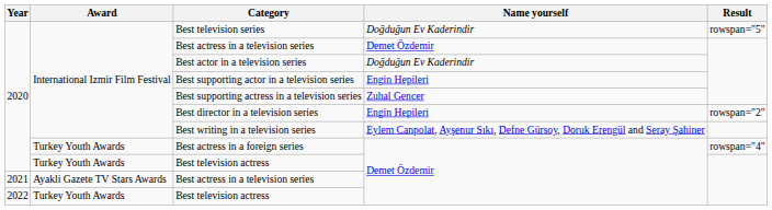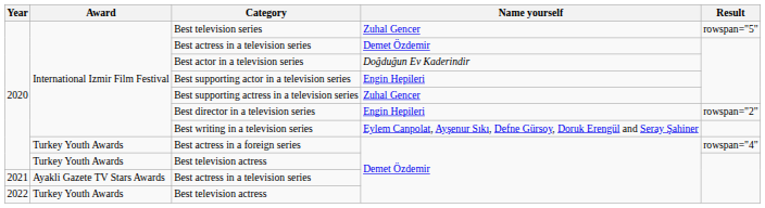 <table class="wikitable">
 <tr>
 <th>Year</th>
 <th>Award</th>
 <th>Category</th>
 <th>Name yourself</th>
 <th>Result</th>
 </tr>
 <tr>
 <td rowspan="9">2020</td>
 <td rowspan="7">International Izmir Film Festival</td>
 <td>Best television series</td>
-<td><em>Doğduğun Ev Kaderindir</em></td>
+<td><a href='#'>Zuhal Gencer</a></td>
 <td>rowspan="5" </td>
 </tr>
 <tr>
 <td>Best actress in a television series</td>
 <td><a href='#'>Demet Özdemir</a></td>
 </tr>
 <tr>
 <td>Best actor in a television series</td>
 <td><em>Doğduğun Ev Kaderindir</em></td>
 </tr>
 <tr>
 <td>Best supporting actor in a television series</td>
 <td><a href='#'>Engin Hepileri</a></td>
 </tr>
 <tr>
 <td>Best supporting actress in a television series</td>
 <td><a href='#'>Zuhal Gencer</a></td>
 </tr>
 <tr>
 <td>Best director in a television series</td>
 <td><a href='#'>Engin Hepileri</a></td>
 <td>rowspan="2" </td>
 </tr>
 <tr>
 <td>Best writing in a television series</td>
 <td><a href='#'>Eylem Canpolat</a>, <a href='#'>Ayşenur Sıkı</a>, <a href='#'>Defne Gürsoy</a>, <a href='#'>Doruk Erengül</a> and <a href='#'>Seray Şahiner</a></td>
 </tr>
 <tr>
 <td>Turkey Youth Awards</td>
 <td>Best actress in a foreign series</td>
 <td rowspan="4"><a href='#'>Demet Özdemir</a></td>
 <td>rowspan="4" </td>
 </tr>
 <tr>
 <td>Turkey Youth Awards</td>
 <td>Best television actress</td>
 </tr>
 <tr>
 <td>2021</td>
 <td>Ayakli Gazete TV Stars Awards</td>
 <td>Best actress in a television series</td>
 </tr>
 <tr>
 <td>2022</td>
 <td>Turkey Youth Awards</td>
 <td>Best television actress</td>
 </tr>
 </table>
